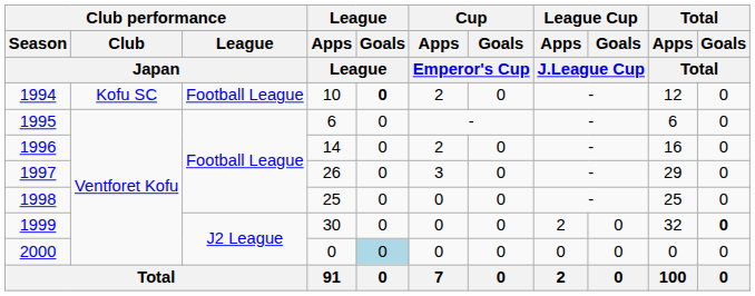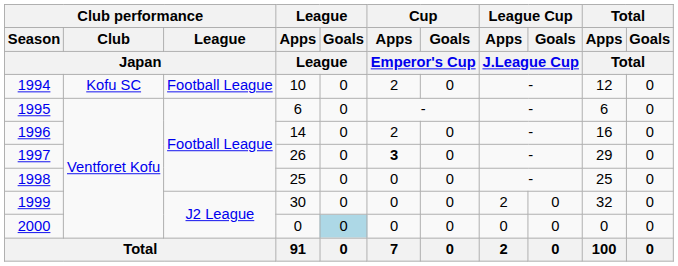 <table class="wikitable" style="text-align:center;">
 <tr>
 <th colspan=3>Club performance</th>
 <th colspan=2>League</th>
 <th colspan=2>Cup</th>
 <th colspan=2>League Cup</th>
 <th colspan=2>Total</th>
 </tr>
 <tr>
 <th>Season</th>
 <th>Club</th>
 <th>League</th>
 <th>Apps</th>
 <th>Goals</th>
 <th>Apps</th>
 <th>Goals</th>
 <th>Apps</th>
 <th>Goals</th>
 <th>Apps</th>
 <th>Goals</th>
 </tr>
 <tr>
 <th colspan=3>Japan</th>
 <th colspan=2>League</th>
 <th colspan=2><a href='#'>Emperor's Cup</a></th>
 <th colspan=2><a href='#'>J.League Cup</a></th>
 <th colspan=2>Total</th>
 </tr>
 <tr>
 <td><a href='#'>1994</a></td>
 <td><a href='#'>Kofu SC</a></td>
 <td><a href='#'>Football League</a></td>
 <td>10</td>
-<td><strong>0</strong></td>
+<td>0</td>
 <td>2</td>
 <td>0</td>
 <td colspan="2">-</td>
 <td>12</td>
 <td>0</td>
 </tr>
 <tr>
 <td><a href='#'>1995</a></td>
 <td rowspan="6"><a href='#'>Ventforet Kofu</a></td>
 <td rowspan="4"><a href='#'>Football League</a></td>
 <td>6</td>
 <td>0</td>
 <td colspan="2">-</td>
 <td colspan="2">-</td>
 <td>6</td>
 <td>0</td>
 </tr>
 <tr>
 <td><a href='#'>1996</a></td>
 <td>14</td>
 <td>0</td>
 <td>2</td>
 <td>0</td>
 <td colspan="2">-</td>
 <td>16</td>
 <td>0</td>
 </tr>
 <tr>
 <td><a href='#'>1997</a></td>
 <td>26</td>
 <td>0</td>
-<td>3</td>
+<td><strong>3</strong></td>
 <td>0</td>
 <td colspan="2">-</td>
 <td>29</td>
 <td>0</td>
 </tr>
 <tr>
 <td><a href='#'>1998</a></td>
 <td>25</td>
 <td>0</td>
 <td>0</td>
 <td>0</td>
 <td colspan="2">-</td>
 <td>25</td>
 <td>0</td>
 </tr>
 <tr>
 <td><a href='#'>1999</a></td>
 <td rowspan="2"><a href='#'>J2 League</a></td>
 <td>30</td>
 <td>0</td>
 <td>0</td>
 <td>0</td>
 <td>2</td>
 <td>0</td>
 <td>32</td>
-<td><strong>0</strong></td>
+<td>0</td>
 </tr>
 <tr>
 <td><a href='#'>2000</a></td>
 <td>0</td>
 <td style="background: lightblue;">0</td>
 <td>0</td>
 <td>0</td>
 <td>0</td>
 <td>0</td>
 <td>0</td>
 <td>0</td>
 </tr>
 <tr>
 <th colspan=3>Total</th>
 <th>91</th>
 <th>0</th>
 <th>7</th>
 <th>0</th>
 <th>2</th>
 <th>0</th>
 <th>100</th>
 <th>0</th>
 </tr>
 </table>
